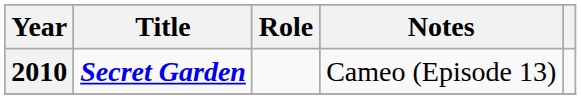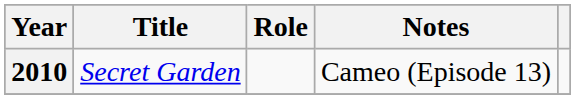 <table class="wikitable  plainrowheaders">
 <tr>
 <th scope="col">Year</th>
 <th scope="col">Title</th>
 <th scope="col">Role</th>
 <th scope="col">Notes</th>
 <th scope="col" class="unsortable"></th>
 </tr>
 <tr>
 <th scope="row">2010</th>
-<td><strong><em><a href='#'>Secret Garden</a></em></strong></td>
+<td><em><a href='#'>Secret Garden</a></em></td>
 <td></td>
 <td>Cameo (Episode 13)</td>
 <td></td>
 </tr>
 <tr>
 </tr>
 </table>
